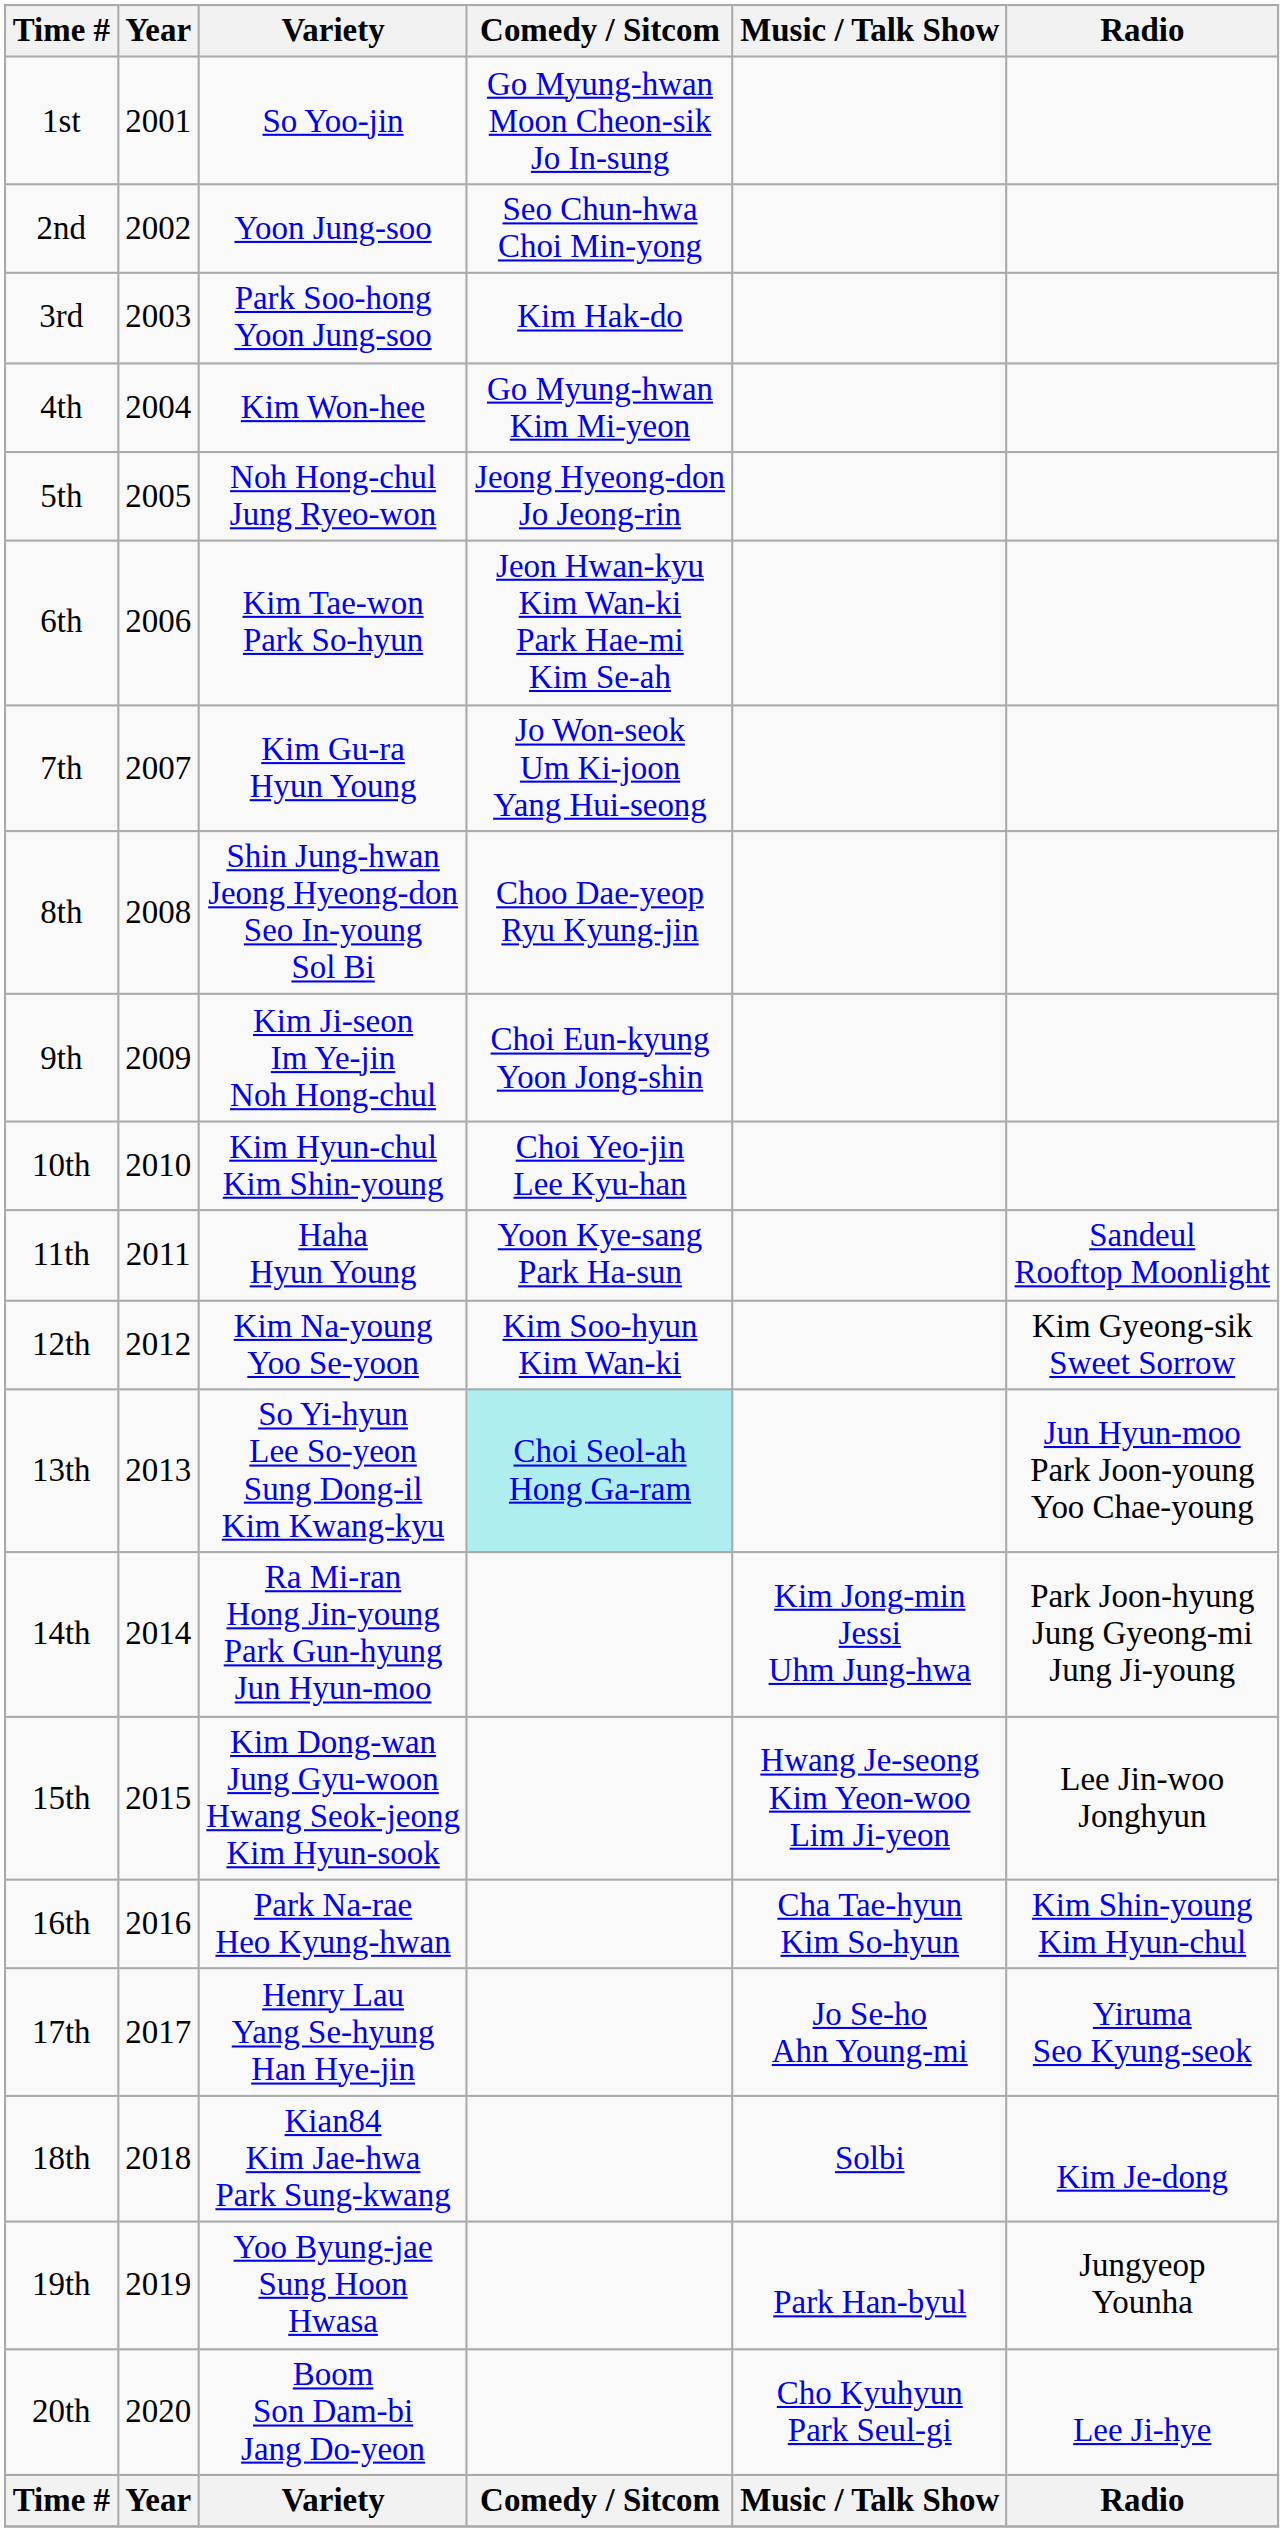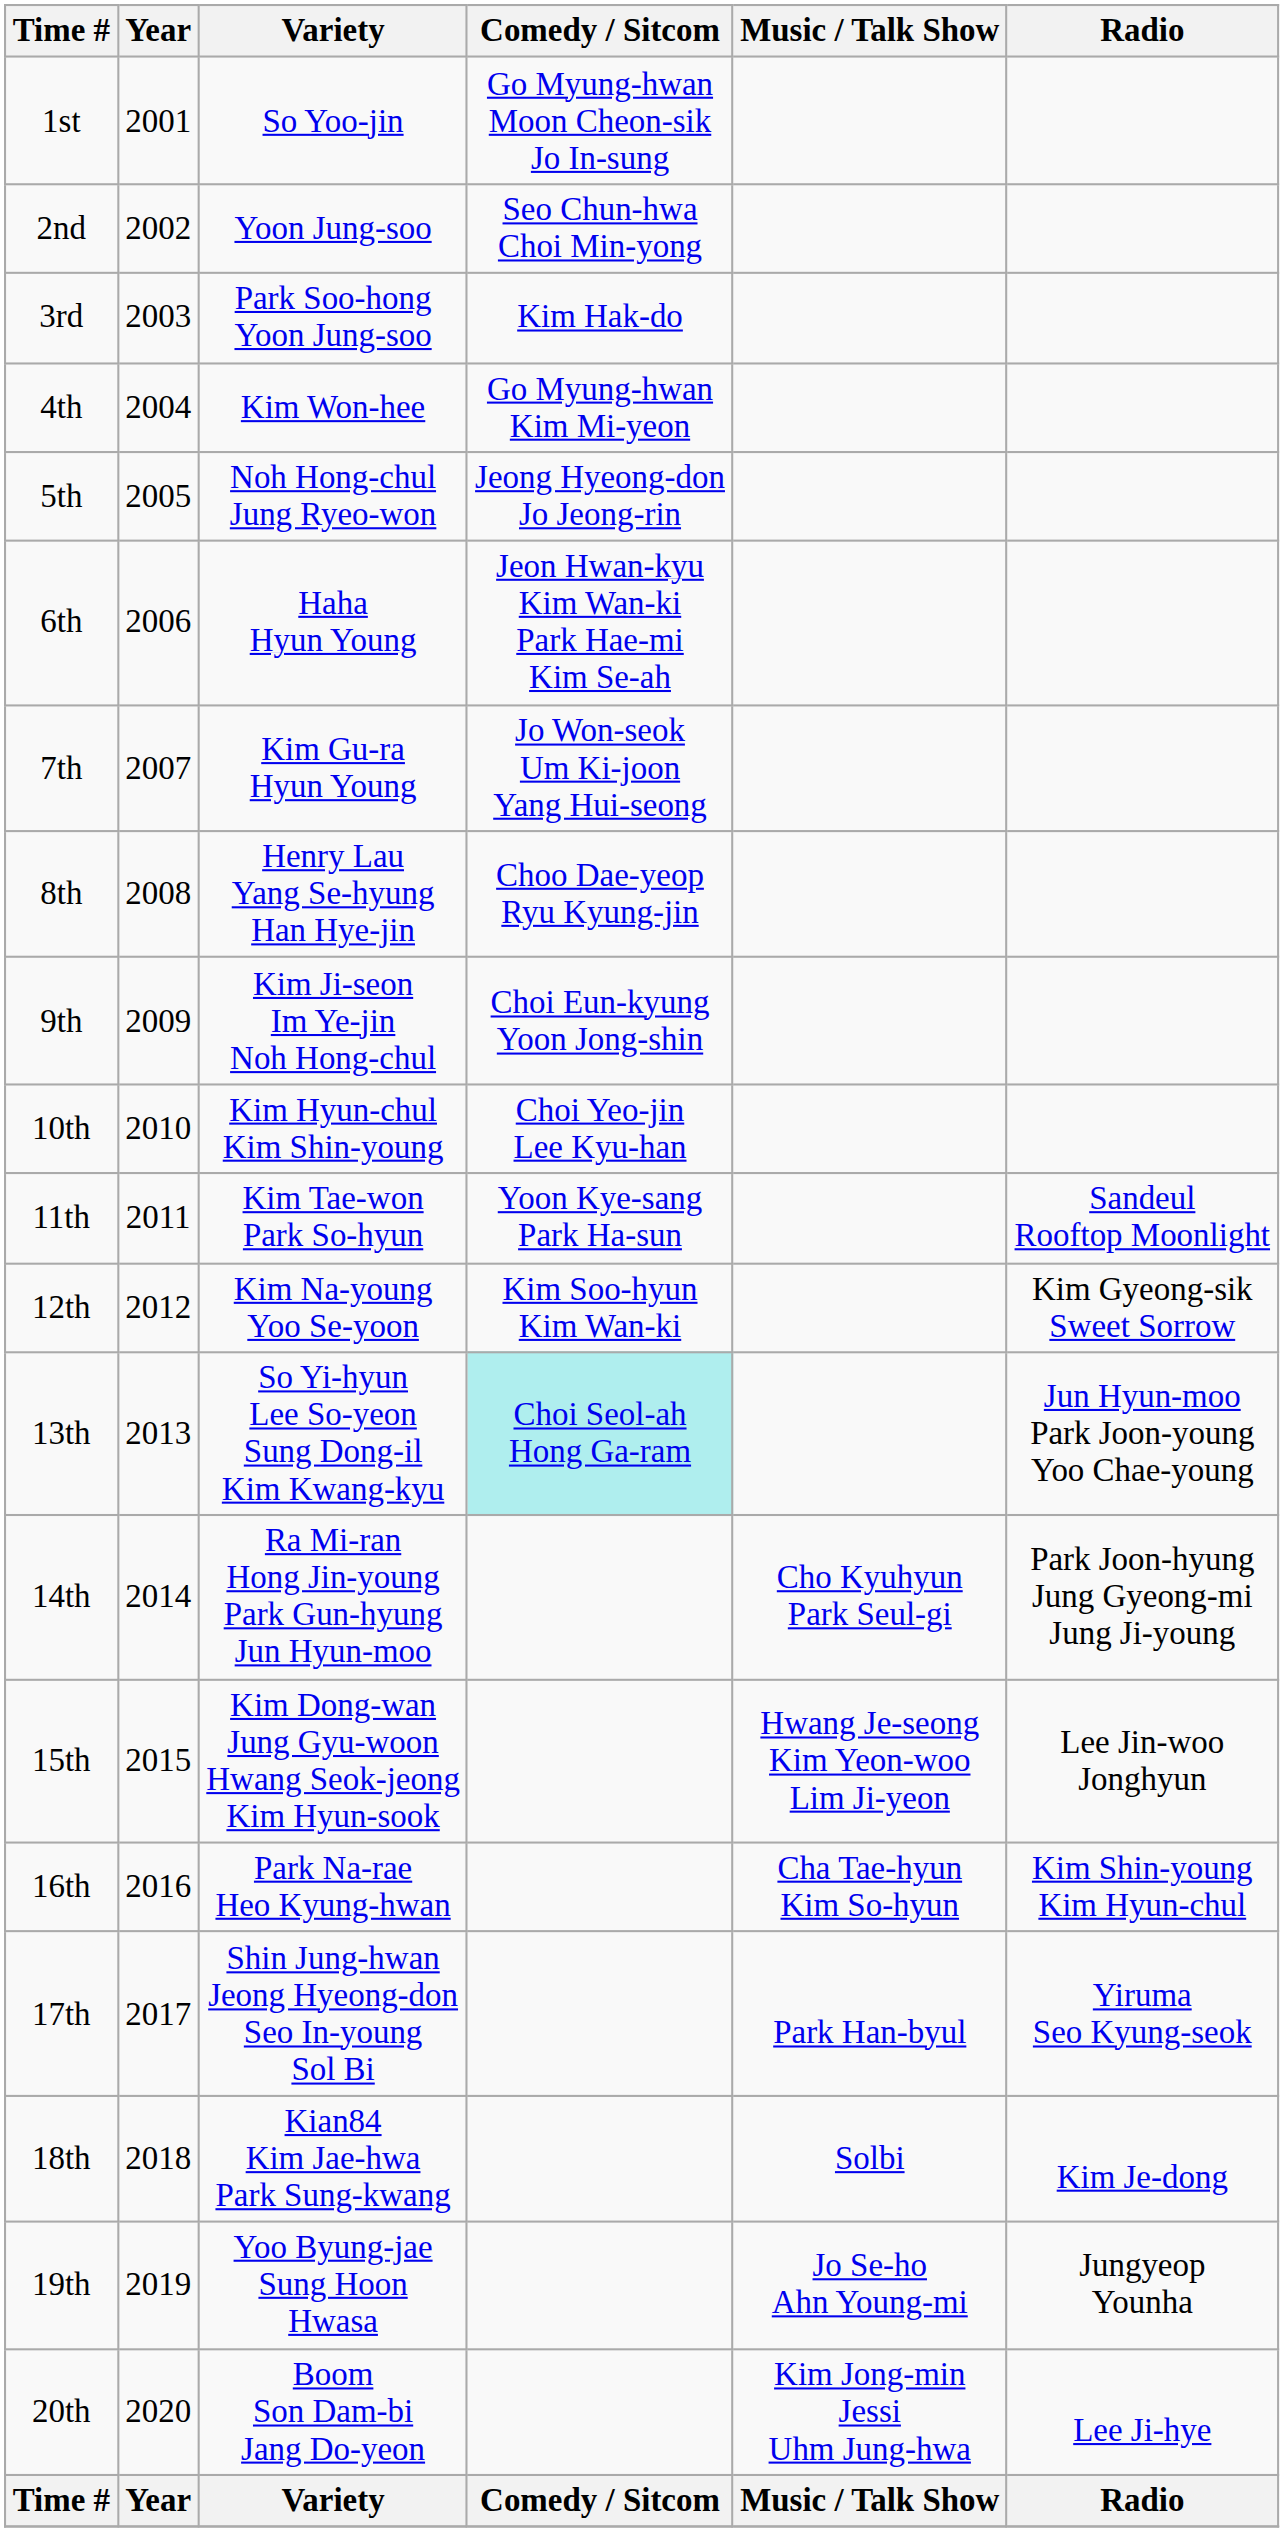 <table class="wikitable" style="text-align:center">
 <tr>
 <th>Time #</th>
 <th>Year</th>
 <th>Variety</th>
 <th>Comedy / Sitcom</th>
 <th>Music / Talk Show</th>
 <th>Radio</th>
 </tr>
 <tr>
 <td>1st</td>
 <td>2001</td>
 <td><a href='#'>So Yoo-jin</a></td>
 <td><a href='#'>Go Myung-hwan</a><br><a href='#'>Moon Cheon-sik</a><br><a href='#'>Jo In-sung</a></td>
 <td></td>
 <td></td>
 </tr>
 <tr>
 <td>2nd</td>
 <td>2002</td>
 <td><a href='#'>Yoon Jung-soo</a></td>
 <td><a href='#'>Seo Chun-hwa</a><br><a href='#'>Choi Min-yong</a></td>
 <td></td>
 <td></td>
 </tr>
 <tr>
 <td>3rd</td>
 <td>2003</td>
 <td><a href='#'>Park Soo-hong</a><br><a href='#'>Yoon Jung-soo</a></td>
 <td><a href='#'>Kim Hak-do</a></td>
 <td></td>
 <td></td>
 </tr>
 <tr>
 <td>4th</td>
 <td>2004</td>
 <td><a href='#'>Kim Won-hee</a><br></td>
 <td><a href='#'>Go Myung-hwan</a><br><a href='#'>Kim Mi-yeon</a></td>
 <td></td>
 <td></td>
 </tr>
 <tr>
 <td>5th</td>
 <td>2005</td>
 <td><a href='#'>Noh Hong-chul</a><br><a href='#'>Jung Ryeo-won</a></td>
 <td><a href='#'>Jeong Hyeong-don</a><br><a href='#'>Jo Jeong-rin</a></td>
 <td></td>
 <td></td>
 </tr>
 <tr>
 <td>6th</td>
 <td>2006</td>
-<td><a href='#'>Kim Tae-won</a><br><a href='#'>Park So-hyun</a></td>
+<td><a href='#'>Haha</a><br><a href='#'>Hyun Young</a></td>
 <td><a href='#'>Jeon Hwan-kyu</a><br><a href='#'>Kim Wan-ki</a><br><a href='#'>Park Hae-mi</a><br><a href='#'>Kim Se-ah</a></td>
 <td></td>
 <td></td>
 </tr>
 <tr>
 <td>7th</td>
 <td>2007</td>
 <td><a href='#'>Kim Gu-ra</a><br><a href='#'>Hyun Young</a></td>
 <td><a href='#'>Jo Won-seok</a><br><a href='#'>Um Ki-joon</a><br><a href='#'>Yang Hui-seong</a></td>
 <td></td>
 <td></td>
 </tr>
 <tr>
 <td>8th</td>
 <td>2008</td>
-<td><a href='#'>Shin Jung-hwan</a><br><a href='#'>Jeong Hyeong-don</a><br><a href='#'>Seo In-young</a><br><a href='#'>Sol Bi</a></td>
+<td><a href='#'>Henry Lau</a><br><a href='#'>Yang Se-hyung</a><br><a href='#'>Han Hye-jin</a></td>
 <td><a href='#'>Choo Dae-yeop</a><br><a href='#'>Ryu Kyung-jin</a></td>
 <td></td>
 <td></td>
 </tr>
 <tr>
 <td>9th</td>
 <td>2009</td>
 <td><a href='#'>Kim Ji-seon</a><br><a href='#'>Im Ye-jin</a><br><a href='#'>Noh Hong-chul</a></td>
 <td><a href='#'>Choi Eun-kyung</a><br><a href='#'>Yoon Jong-shin</a></td>
 <td></td>
 <td></td>
 </tr>
 <tr>
 <td>10th</td>
 <td>2010</td>
 <td><a href='#'>Kim Hyun-chul</a><br><a href='#'>Kim Shin-young</a></td>
 <td><a href='#'>Choi Yeo-jin</a><br><a href='#'>Lee Kyu-han</a></td>
 <td></td>
 <td></td>
 </tr>
 <tr>
 <td>11th</td>
 <td>2011</td>
-<td><a href='#'>Haha</a><br><a href='#'>Hyun Young</a></td>
+<td><a href='#'>Kim Tae-won</a><br><a href='#'>Park So-hyun</a></td>
 <td><a href='#'>Yoon Kye-sang</a><br><a href='#'>Park Ha-sun</a></td>
 <td></td>
 <td><a href='#'>Sandeul</a><br><a href='#'>Rooftop Moonlight</a></td>
 </tr>
 <tr>
 <td>12th</td>
 <td>2012</td>
 <td><a href='#'>Kim Na-young</a><br><a href='#'>Yoo Se-yoon</a></td>
 <td><a href='#'>Kim Soo-hyun</a><br><a href='#'>Kim Wan-ki</a></td>
 <td></td>
 <td>Kim Gyeong-sik<br><a href='#'>Sweet Sorrow</a></td>
 </tr>
 <tr>
 <td>13th</td>
 <td>2013</td>
 <td><a href='#'>So Yi-hyun</a><br><a href='#'>Lee So-yeon</a><br><a href='#'>Sung Dong-il</a><br><a href='#'>Kim Kwang-kyu</a></td>
 <td style="background: paleturquoise;"><a href='#'>Choi Seol-ah</a><br><a href='#'>Hong Ga-ram</a></td>
 <td></td>
 <td><a href='#'>Jun Hyun-moo</a><br>Park Joon-young<br>Yoo Chae-young</td>
 </tr>
 <tr>
 <td>14th</td>
 <td>2014</td>
 <td><a href='#'>Ra Mi-ran</a><br><a href='#'>Hong Jin-young</a><br><a href='#'>Park Gun-hyung</a><br><a href='#'>Jun Hyun-moo</a></td>
 <td></td>
-<td><a href='#'>Kim Jong-min</a><br><a href='#'>Jessi</a><br><a href='#'>Uhm Jung-hwa</a></td>
+<td><a href='#'>Cho Kyuhyun</a><br><a href='#'>Park Seul-gi</a></td>
 <td>Park Joon-hyung<br>Jung Gyeong-mi<br>Jung Ji-young</td>
 </tr>
 <tr>
 <td>15th</td>
 <td>2015</td>
 <td><a href='#'>Kim Dong-wan</a><br><a href='#'>Jung Gyu-woon</a><br><a href='#'>Hwang Seok-jeong</a><br><a href='#'>Kim Hyun-sook</a></td>
 <td></td>
 <td><a href='#'>Hwang Je-seong</a><br><a href='#'>Kim Yeon-woo</a><br><a href='#'>Lim Ji-yeon</a></td>
 <td>Lee Jin-woo<br>Jonghyun</td>
 </tr>
 <tr>
 <td>16th</td>
 <td>2016</td>
 <td><a href='#'>Park Na-rae</a><br><a href='#'>Heo Kyung-hwan</a></td>
 <td></td>
 <td><a href='#'>Cha Tae-hyun</a><br><a href='#'>Kim So-hyun</a></td>
 <td><a href='#'>Kim Shin-young</a><br><a href='#'>Kim Hyun-chul</a></td>
 </tr>
 <tr>
 <td>17th</td>
 <td>2017</td>
-<td><a href='#'>Henry Lau</a><br><a href='#'>Yang Se-hyung</a><br><a href='#'>Han Hye-jin</a></td>
+<td><a href='#'>Shin Jung-hwan</a><br><a href='#'>Jeong Hyeong-don</a><br><a href='#'>Seo In-young</a><br><a href='#'>Sol Bi</a></td>
 <td></td>
-<td><a href='#'>Jo Se-ho</a><br><a href='#'>Ahn Young-mi</a></td>
+<td><br><a href='#'>Park Han-byul</a></td>
 <td><a href='#'>Yiruma</a><br><a href='#'>Seo Kyung-seok</a></td>
 </tr>
 <tr>
 <td>18th</td>
 <td>2018</td>
 <td><a href='#'>Kian84</a><br><a href='#'>Kim Jae-hwa</a><br><a href='#'>Park Sung-kwang</a></td>
 <td></td>
 <td><a href='#'>Solbi</a><br></td>
 <td><br><a href='#'>Kim Je-dong</a></td>
 </tr>
 <tr>
 <td>19th</td>
 <td>2019</td>
 <td><a href='#'>Yoo Byung-jae</a><br><a href='#'>Sung Hoon</a><br><a href='#'>Hwasa</a></td>
 <td></td>
-<td><br><a href='#'>Park Han-byul</a></td>
+<td><a href='#'>Jo Se-ho</a><br><a href='#'>Ahn Young-mi</a></td>
 <td>Jungyeop<br>Younha</td>
 </tr>
 <tr>
 <td>20th</td>
 <td>2020</td>
 <td><a href='#'>Boom</a><br><a href='#'>Son Dam-bi</a><br><a href='#'>Jang Do-yeon</a></td>
 <td></td>
-<td><a href='#'>Cho Kyuhyun</a><br><a href='#'>Park Seul-gi</a></td>
+<td><a href='#'>Kim Jong-min</a><br><a href='#'>Jessi</a><br><a href='#'>Uhm Jung-hwa</a></td>
 <td><br><a href='#'>Lee Ji-hye</a></td>
 </tr>
 <tr>
 <th>Time #</th>
 <th>Year</th>
 <th>Variety</th>
 <th>Comedy / Sitcom</th>
 <th>Music / Talk Show</th>
 <th>Radio</th>
 </tr>
 <tr>
 </tr>
 </table>
